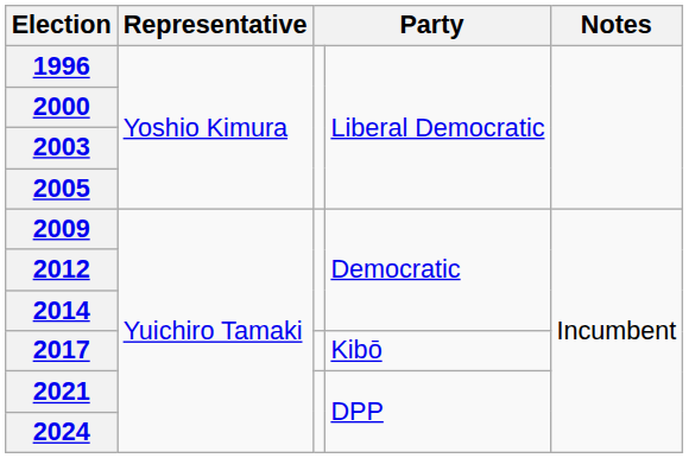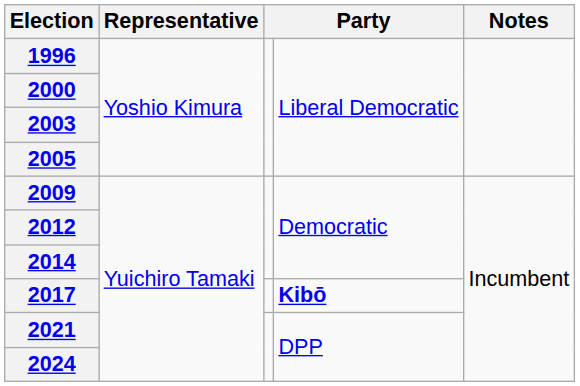 <table class="wikitable mw-collapsible">
 <tr valign=bottom>
 <th>Election</th>
 <th>Representative</th>
 <th colspan="2">Party</th>
 <th>Notes</th>
 </tr>
 <tr>
 <th><a href='#'>1996</a></th>
 <td rowspan="4"><a href='#'>Yoshio Kimura</a></td>
 <td rowspan="4" bgcolor=></td>
 <td rowspan="4"><a href='#'>Liberal Democratic</a></td>
 <td rowspan="4"></td>
 </tr>
 <tr>
 <th><a href='#'>2000</a></th>
 </tr>
 <tr>
 <th><a href='#'>2003</a></th>
 </tr>
 <tr>
 <th><a href='#'>2005</a></th>
 </tr>
 <tr>
 <th><a href='#'>2009</a></th>
 <td rowspan="6"><a href='#'>Yuichiro Tamaki</a></td>
 <td rowspan="3" bgcolor=></td>
 <td rowspan="3"><a href='#'>Democratic</a></td>
 <td rowspan="6">Incumbent</td>
 </tr>
 <tr>
 <th><a href='#'>2012</a></th>
 </tr>
 <tr>
 <th><a href='#'>2014</a></th>
 </tr>
 <tr>
 <th><a href='#'>2017</a></th>
 <td bgcolor=></td>
-<td><a href='#'>Kibō</a></td>
+<td><strong><a href='#'>Kibō</a></strong></td>
 </tr>
 <tr>
 <th><a href='#'>2021</a></th>
 <td rowspan="2" bgcolor=></td>
 <td rowspan="2"><a href='#'>DPP</a></td>
 </tr>
 <tr>
 <th><a href='#'>2024</a></th>
 </tr>
 </table>
